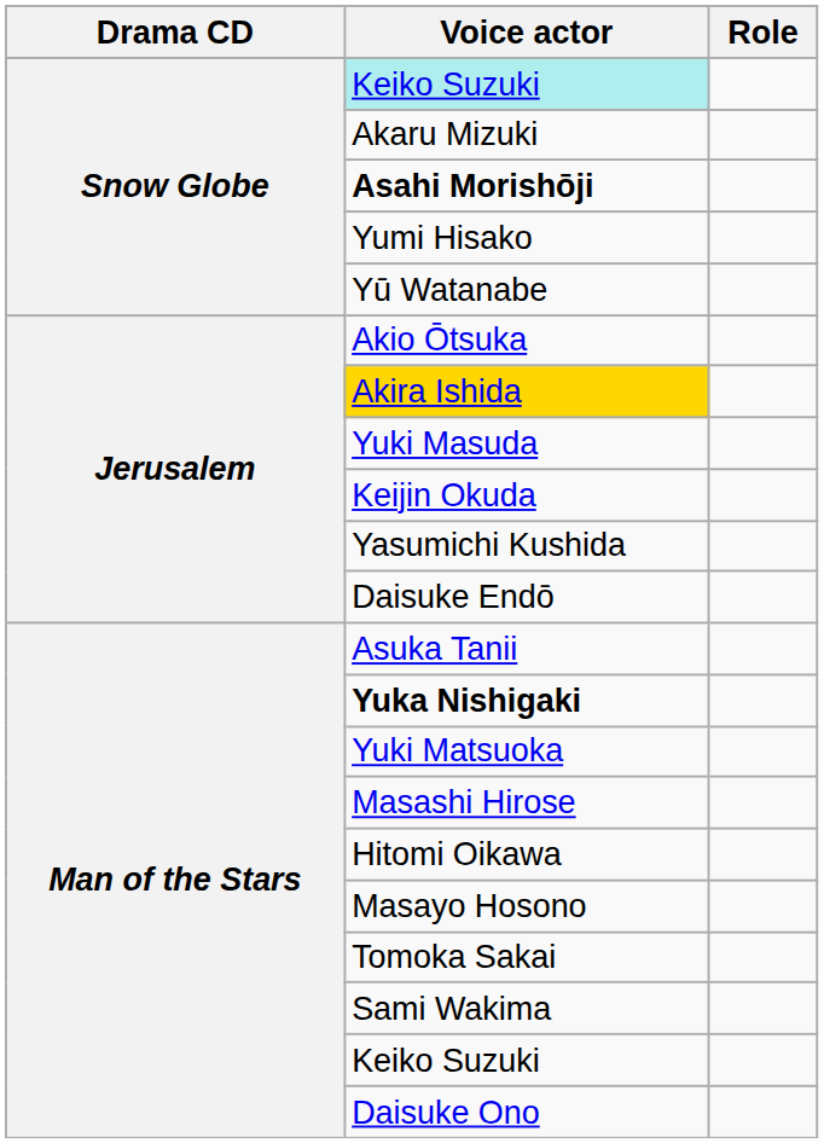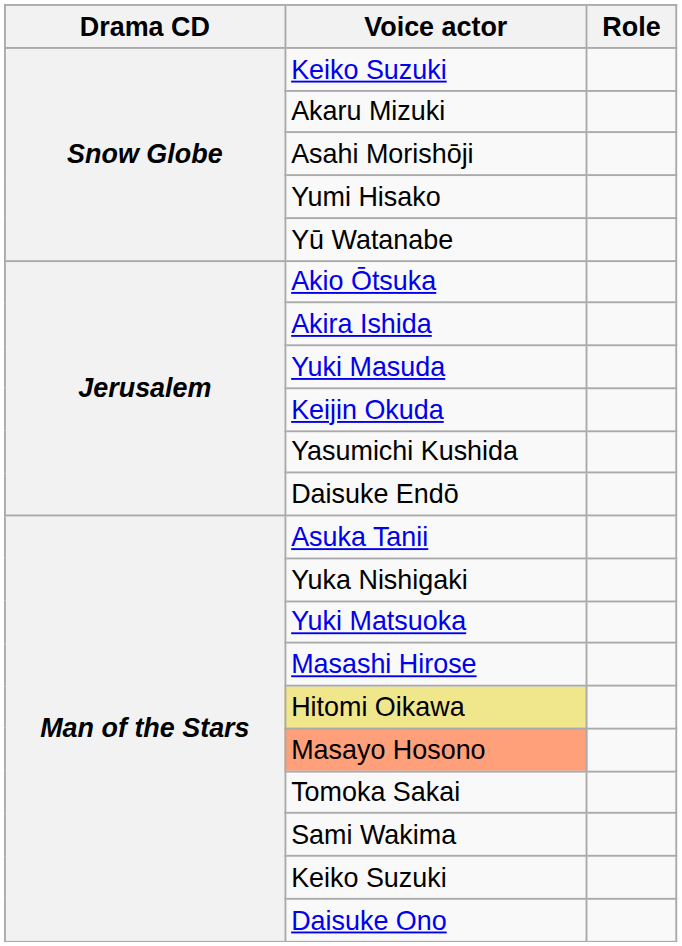 <table class="wikitable floatright" style="font-size:90%; width: 25em">
 <tr>
 <th>Drama CD</th>
 <th>Voice actor</th>
 <th>Role</th>
 </tr>
 <tr>
 <th rowspan="5"><em>Snow Globe</em></th>
-<td style="background: paleturquoise;"><a href='#'>Keiko Suzuki</a></td>
+<td><a href='#'>Keiko Suzuki</a></td>
 <td></td>
 </tr>
 <tr>
 <td>Akaru Mizuki</td>
 <td></td>
 </tr>
 <tr>
-<td><strong>Asahi Morishōji</strong></td>
+<td>Asahi Morishōji</td>
 <td></td>
 </tr>
 <tr>
 <td>Yumi Hisako</td>
 <td></td>
 </tr>
 <tr>
 <td>Yū Watanabe</td>
 <td></td>
 </tr>
 <tr>
 <th rowspan="6"><em>Jerusalem</em></th>
 <td><a href='#'>Akio Ōtsuka</a></td>
 <td></td>
 </tr>
 <tr>
-<td style="background: gold;"><a href='#'>Akira Ishida</a></td>
+<td><a href='#'>Akira Ishida</a></td>
 <td></td>
 </tr>
 <tr>
 <td><a href='#'>Yuki Masuda</a></td>
 <td></td>
 </tr>
 <tr>
 <td><a href='#'>Keijin Okuda</a></td>
 <td></td>
 </tr>
 <tr>
 <td>Yasumichi Kushida</td>
 <td></td>
 </tr>
 <tr>
 <td>Daisuke Endō</td>
 <td></td>
 </tr>
 <tr>
 <th rowspan="10"><em>Man of the Stars</em></th>
 <td><a href='#'>Asuka Tanii</a></td>
 <td></td>
 </tr>
 <tr>
-<td><strong>Yuka Nishigaki</strong></td>
+<td>Yuka Nishigaki</td>
 <td></td>
 </tr>
 <tr>
 <td><a href='#'>Yuki Matsuoka</a></td>
 <td></td>
 </tr>
 <tr>
 <td><a href='#'>Masashi Hirose</a></td>
 <td></td>
 </tr>
 <tr>
-<td>Hitomi Oikawa</td>
+<td style="background: khaki;">Hitomi Oikawa</td>
 <td></td>
 </tr>
 <tr>
-<td>Masayo Hosono</td>
+<td style="background: lightsalmon;">Masayo Hosono</td>
 <td></td>
 </tr>
 <tr>
 <td>Tomoka Sakai</td>
 <td></td>
 </tr>
 <tr>
 <td>Sami Wakima</td>
 <td></td>
 </tr>
 <tr>
 <td>Keiko Suzuki</td>
 <td></td>
 </tr>
 <tr>
 <td><a href='#'>Daisuke Ono</a></td>
 <td></td>
 </tr>
 </table>
